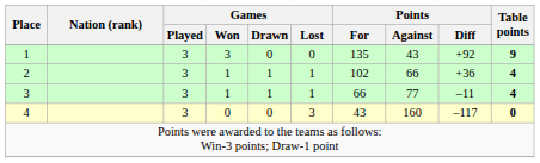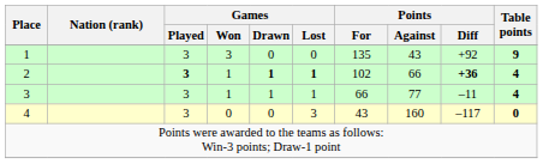 <table class="wikitable">
 <tr>
 <th rowspan=2 width="8%">Place</th>
 <th rowspan=2 width="22%">Nation (rank)</th>
 <th colspan=4 width="32%">Games</th>
 <th colspan=3 width="30%">Points</th>
 <th rowspan=2 width="10%">Table<br>points</th>
 </tr>
 <tr>
 <th width="8%">Played</th>
 <th width="8%">Won</th>
 <th width="8%">Drawn</th>
 <th width="8%">Lost</th>
 <th width="10%">For</th>
 <th width="10%">Against</th>
 <th width="10%">Diff</th>
 </tr>
 <tr>
 </tr>
 <tr bgcolor=#ccffcc align=center>
 <td>1</td>
 <td align=left></td>
 <td>3</td>
 <td>3</td>
 <td>0</td>
 <td>0</td>
 <td>135</td>
 <td>43</td>
 <td>+92</td>
 <td><strong>9</strong></td>
 </tr>
 <tr bgcolor=#ccffcc align=center>
 <td>2</td>
 <td align=left></td>
-<td>3</td>
+<td><strong>3</strong></td>
 <td>1</td>
-<td>1</td>
-<td>1</td>
+<td><strong>1</strong></td>
+<td><strong>1</strong></td>
 <td>102</td>
 <td>66</td>
-<td>+36</td>
+<td><strong>+36</strong></td>
 <td><strong>4</strong></td>
 </tr>
 <tr bgcolor=#ccffcc align=center>
 <td>3</td>
 <td align=left></td>
 <td>3</td>
 <td>1</td>
 <td>1</td>
 <td>1</td>
 <td>66</td>
 <td>77</td>
 <td>–11</td>
 <td><strong>4</strong></td>
 </tr>
 <tr bgcolor=#ffffcc align=center>
 <td>4</td>
 <td align=left></td>
 <td>3</td>
 <td>0</td>
 <td>0</td>
 <td>3</td>
 <td>43</td>
 <td>160</td>
 <td>–117</td>
 <td><strong>0</strong></td>
 </tr>
 <tr>
 <td colspan="100%" style="text-align:center;">Points were awarded to the teams as follows:<br>Win-3 points; Draw-1 point</td>
 </tr>
 <tr>
 </tr>
 </table>
